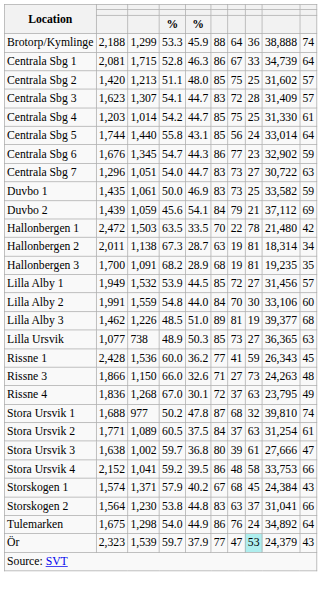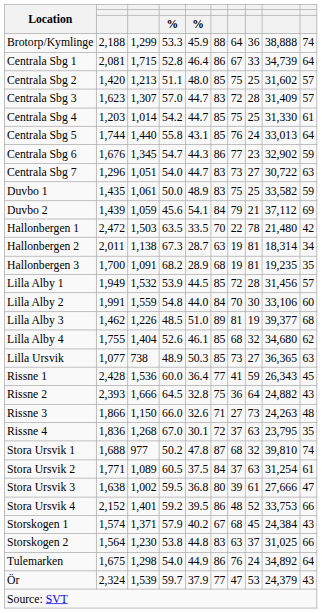 <table role="presentation" class="wikitable sortable mw-collapsible mw-collapsed">
 <tr>
 <th rowspan="3">Location</th>
 <th></th>
 <th></th>
 <th></th>
 <th></th>
 <th></th>
 <th></th>
 <th></th>
 <th></th>
 <th></th>
 </tr>
 <tr>
 <th></th>
 <th></th>
 <th style="background:"></th>
 <th style="background:"></th>
 <th></th>
 <th></th>
 <th></th>
 <th></th>
 <th></th>
 </tr>
 <tr>
 <th data-sort-type="number"></th>
 <th data-sort-type="number"></th>
 <th data-sort-type="number">%</th>
 <th data-sort-type="number">%</th>
 <th data-sort-type="number"></th>
 <th data-sort-type="number"></th>
 <th data-sort-type="number"></th>
 <th data-sort-type="number"></th>
 <th data-sort-type="number"></th>
 </tr>
 <tr>
 <td align="left">Brotorp/Kymlinge</td>
 <td>2,188</td>
 <td>1,299</td>
 <td>53.3</td>
 <td>45.9</td>
 <td>88</td>
 <td>64</td>
 <td>36</td>
 <td>38,888</td>
 <td>74</td>
 </tr>
 <tr>
 <td align="left">Centrala Sbg 1</td>
 <td>2,081</td>
 <td>1,715</td>
 <td>52.8</td>
-<td>46.3</td>
+<td>46.4</td>
 <td>86</td>
 <td>67</td>
 <td>33</td>
 <td>34,739</td>
 <td>64</td>
 </tr>
 <tr>
 <td align="left">Centrala Sbg 2</td>
 <td>1,420</td>
 <td>1,213</td>
 <td>51.1</td>
 <td>48.0</td>
 <td>85</td>
 <td>75</td>
 <td>25</td>
 <td>31,602</td>
 <td>57</td>
 </tr>
 <tr>
 <td align="left">Centrala Sbg 3</td>
 <td>1,623</td>
 <td>1,307</td>
-<td>54.1</td>
+<td>57.0</td>
 <td>44.7</td>
 <td>83</td>
 <td>72</td>
 <td>28</td>
 <td>31,409</td>
 <td>57</td>
 </tr>
 <tr>
 <td align="left">Centrala Sbg 4</td>
 <td>1,203</td>
 <td>1,014</td>
 <td>54.2</td>
 <td>44.7</td>
 <td>85</td>
 <td>75</td>
 <td>25</td>
 <td>31,330</td>
 <td>61</td>
 </tr>
 <tr>
 <td align="left">Centrala Sbg 5</td>
 <td>1,744</td>
 <td>1,440</td>
 <td>55.8</td>
 <td>43.1</td>
 <td>85</td>
-<td>56</td>
+<td>76</td>
 <td>24</td>
-<td>33,014</td>
+<td>33,013</td>
 <td>64</td>
 </tr>
 <tr>
 <td align="left">Centrala Sbg 6</td>
 <td>1,676</td>
 <td>1,345</td>
 <td>54.7</td>
 <td>44.3</td>
 <td>86</td>
 <td>77</td>
 <td>23</td>
 <td>32,902</td>
 <td>59</td>
 </tr>
 <tr>
 <td align="left">Centrala Sbg 7</td>
 <td>1,296</td>
 <td>1,051</td>
 <td>54.0</td>
 <td>44.7</td>
 <td>83</td>
 <td>73</td>
 <td>27</td>
 <td>30,722</td>
 <td>63</td>
 </tr>
 <tr>
 <td align="left">Duvbo 1</td>
 <td>1,435</td>
 <td>1,061</td>
 <td>50.0</td>
-<td>46.9</td>
+<td>48.9</td>
 <td>83</td>
-<td>73</td>
+<td>75</td>
 <td>25</td>
 <td>33,582</td>
 <td>59</td>
 </tr>
 <tr>
 <td align="left">Duvbo 2</td>
 <td>1,439</td>
 <td>1,059</td>
 <td>45.6</td>
 <td>54.1</td>
 <td>84</td>
 <td>79</td>
 <td>21</td>
 <td>37,112</td>
 <td>69</td>
 </tr>
 <tr>
 <td align="left">Hallonbergen 1</td>
 <td>2,472</td>
 <td>1,503</td>
 <td>63.5</td>
 <td>33.5</td>
 <td>70</td>
 <td>22</td>
 <td>78</td>
 <td>21,480</td>
 <td>42</td>
 </tr>
 <tr>
 <td align="left">Hallonbergen 2</td>
 <td>2,011</td>
 <td>1,138</td>
 <td>67.3</td>
 <td>28.7</td>
 <td>63</td>
 <td>19</td>
 <td>81</td>
 <td>18,314</td>
 <td>34</td>
 </tr>
 <tr>
 <td align="left">Hallonbergen 3</td>
 <td>1,700</td>
 <td>1,091</td>
 <td>68.2</td>
 <td>28.9</td>
 <td>68</td>
 <td>19</td>
 <td>81</td>
 <td>19,235</td>
 <td>35</td>
 </tr>
 <tr>
 <td align="left">Lilla Alby 1</td>
 <td>1,949</td>
 <td>1,532</td>
 <td>53.9</td>
 <td>44.5</td>
 <td>85</td>
 <td>72</td>
-<td>27</td>
+<td>28</td>
 <td>31,456</td>
 <td>57</td>
 </tr>
 <tr>
 <td align="left">Lilla Alby 2</td>
 <td>1,991</td>
 <td>1,559</td>
 <td>54.8</td>
 <td>44.0</td>
 <td>84</td>
 <td>70</td>
 <td>30</td>
 <td>33,106</td>
 <td>60</td>
 </tr>
 <tr>
 <td align="left">Lilla Alby 3</td>
 <td>1,462</td>
 <td>1,226</td>
 <td>48.5</td>
 <td>51.0</td>
 <td>89</td>
 <td>81</td>
 <td>19</td>
 <td>39,377</td>
 <td>68</td>
 </tr>
 <tr>
+<td align="left">Lilla Alby 4</td>
+<td>1,755</td>
+<td>1,404</td>
+<td>52.6</td>
+<td>46.1</td>
+<td>85</td>
+<td>68</td>
+<td>32</td>
+<td>34,680</td>
+<td>62</td>
+</tr>
+<tr>
 <td align="left">Lilla Ursvik</td>
 <td>1,077</td>
 <td>738</td>
 <td>48.9</td>
 <td>50.3</td>
 <td>85</td>
 <td>73</td>
 <td>27</td>
 <td>36,365</td>
 <td>63</td>
 </tr>
 <tr>
 <td align="left">Rissne 1</td>
 <td>2,428</td>
 <td>1,536</td>
 <td>60.0</td>
-<td>36.2</td>
+<td>36.4</td>
 <td>77</td>
 <td>41</td>
 <td>59</td>
 <td>26,343</td>
 <td>45</td>
+</tr>
+<tr>
+<td align="left">Rissne 2</td>
+<td>2,393</td>
+<td>1,666</td>
+<td>64.5</td>
+<td>32.8</td>
+<td>75</td>
+<td>36</td>
+<td>64</td>
+<td>24,882</td>
+<td>43</td>
 </tr>
 <tr>
 <td align="left">Rissne 3</td>
 <td>1,866</td>
 <td>1,150</td>
 <td>66.0</td>
 <td>32.6</td>
 <td>71</td>
 <td>27</td>
 <td>73</td>
 <td>24,263</td>
 <td>48</td>
 </tr>
 <tr>
 <td align="left">Rissne 4</td>
 <td>1,836</td>
 <td>1,268</td>
 <td>67.0</td>
 <td>30.1</td>
 <td>72</td>
 <td>37</td>
 <td>63</td>
 <td>23,795</td>
-<td>49</td>
+<td>35</td>
 </tr>
 <tr>
 <td align="left">Stora Ursvik 1</td>
 <td>1,688</td>
 <td>977</td>
 <td>50.2</td>
 <td>47.8</td>
 <td>87</td>
 <td>68</td>
 <td>32</td>
 <td>39,810</td>
 <td>74</td>
 </tr>
 <tr>
 <td align="left">Stora Ursvik 2</td>
 <td>1,771</td>
 <td>1,089</td>
 <td>60.5</td>
 <td>37.5</td>
 <td>84</td>
 <td>37</td>
 <td>63</td>
 <td>31,254</td>
 <td>61</td>
 </tr>
 <tr>
 <td align="left">Stora Ursvik 3</td>
 <td>1,638</td>
 <td>1,002</td>
-<td>59.7</td>
+<td>59.5</td>
 <td>36.8</td>
 <td>80</td>
 <td>39</td>
 <td>61</td>
 <td>27,666</td>
 <td>47</td>
 </tr>
 <tr>
 <td align="left">Stora Ursvik 4</td>
 <td>2,152</td>
-<td>1,041</td>
+<td>1,401</td>
 <td>59.2</td>
 <td>39.5</td>
 <td>86</td>
 <td>48</td>
-<td>58</td>
+<td>52</td>
 <td>33,753</td>
 <td>66</td>
 </tr>
 <tr>
 <td align="left">Storskogen 1</td>
 <td>1,574</td>
 <td>1,371</td>
 <td>57.9</td>
 <td>40.2</td>
 <td>67</td>
 <td>68</td>
 <td>45</td>
 <td>24,384</td>
 <td>43</td>
 </tr>
 <tr>
 <td align="left">Storskogen 2</td>
 <td>1,564</td>
 <td>1,230</td>
 <td>53.8</td>
 <td>44.8</td>
 <td>83</td>
 <td>63</td>
 <td>37</td>
-<td>31,041</td>
+<td>31,025</td>
 <td>66</td>
 </tr>
 <tr>
 <td align="left">Tulemarken</td>
 <td>1,675</td>
 <td>1,298</td>
 <td>54.0</td>
 <td>44.9</td>
 <td>86</td>
 <td>76</td>
 <td>24</td>
 <td>34,892</td>
 <td>64</td>
 </tr>
 <tr>
 <td align="left">Ör</td>
-<td>2,323</td>
+<td>2,324</td>
 <td>1,539</td>
 <td>59.7</td>
 <td>37.9</td>
 <td>77</td>
 <td>47</td>
-<td style="background: paleturquoise;">53</td>
+<td>53</td>
 <td>24,379</td>
 <td>43</td>
 </tr>
 <tr>
 <td colspan="10" align="left">Source: <a href='#'>SVT</a></td>
 </tr>
 </table>
